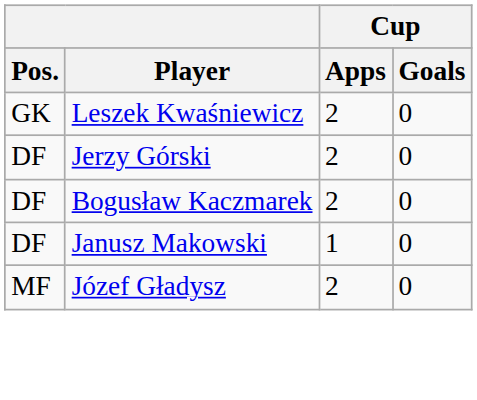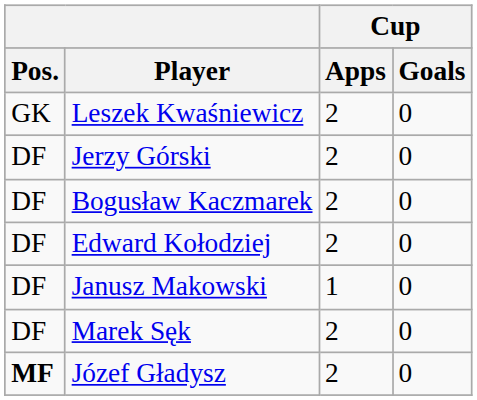 <table class="wikitable" style="display: inline-table;">
 <tr>
 <th colspan="2"></th>
 <th colspan="2">Cup</th>
 </tr>
 <tr>
 <th>Pos.</th>
 <th>Player</th>
 <th>Apps</th>
 <th>Goals</th>
 </tr>
 <tr>
 <td>GK</td>
 <td><a href='#'>Leszek Kwaśniewicz</a></td>
 <td>2</td>
 <td>0</td>
 </tr>
 <tr>
 <td>DF</td>
 <td><a href='#'>Jerzy Górski</a></td>
 <td>2</td>
 <td>0</td>
 </tr>
 <tr>
 <td>DF</td>
 <td><a href='#'>Bogusław Kaczmarek</a></td>
 <td>2</td>
 <td>0</td>
 </tr>
 <tr>
 <td>DF</td>
+<td><a href='#'>Edward Kołodziej</a></td>
+<td>2</td>
+<td>0</td>
+</tr>
+<tr>
+<td>DF</td>
 <td><a href='#'>Janusz Makowski</a></td>
 <td>1</td>
 <td>0</td>
 </tr>
 <tr>
-<td>MF</td>
+<td>DF</td>
+<td><a href='#'>Marek Sęk</a></td>
+<td>2</td>
+<td>0</td>
+</tr>
+<tr>
+<td><strong>MF</strong></td>
 <td><a href='#'>Józef Gładysz</a></td>
 <td>2</td>
 <td>0</td>
 </tr>
 </table>
